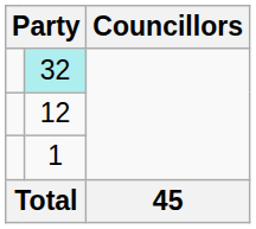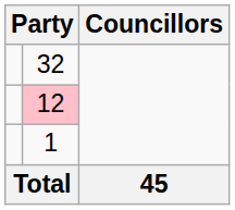 <table class="wikitable">
 <tr>
 <th colspan=2>Party</th>
 <th>Councillors</th>
 </tr>
 <tr>
 <td></td>
-<td align=center style="background: paleturquoise;">32</td>
+<td align=center>32</td>
 </tr>
 <tr>
 <td></td>
-<td align=center>12</td>
+<td align=center style="background: pink;">12</td>
 </tr>
 <tr>
 <td></td>
 <td align=center>1</td>
 </tr>
 <tr>
 <th colspan=2>Total</th>
 <th align=center>45</th>
 </tr>
 </table>
